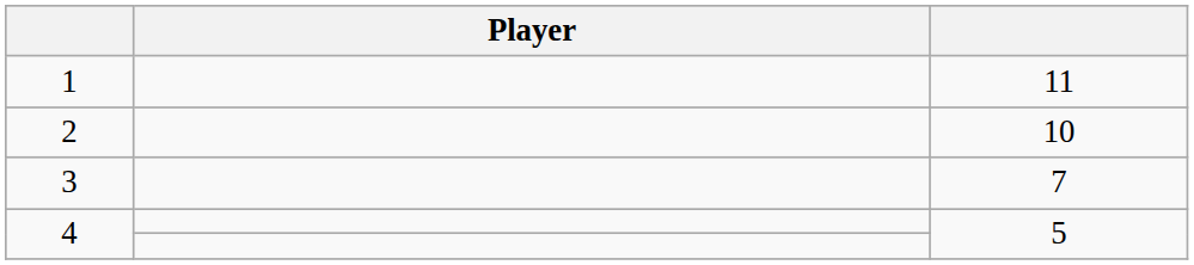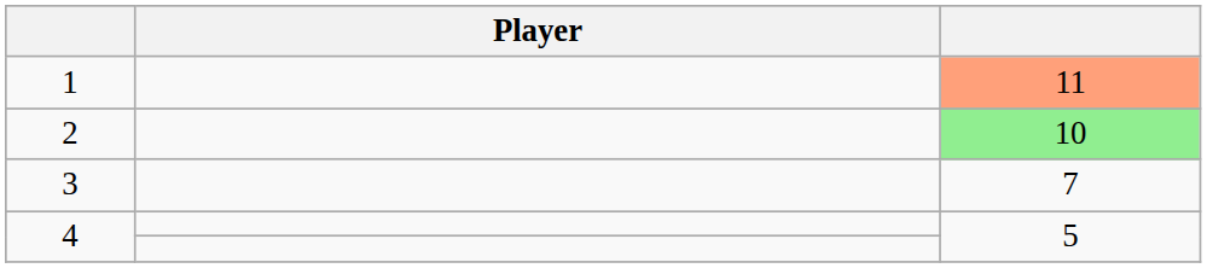 <table class="wikitable sortable plainrowheaders" style="width:95%;">
 <tr>
 <th style="width:2em;"></th>
 <th style="width:15em;">Player</th>
 <th style="width:4.5em;"></th>
 </tr>
 <tr>
 <td align=center>1</td>
 <td align=left> </td>
-<td align=center>11</td>
+<td align=center style="background: lightsalmon;">11</td>
 </tr>
 <tr>
 <td align=center>2</td>
 <td align=left> </td>
-<td align=center>10</td>
+<td align=center style="background: lightgreen;">10</td>
 </tr>
 <tr>
 <td align=center>3</td>
 <td align=left> </td>
 <td align=center>7</td>
 </tr>
 <tr>
 <td align=center rowspan="2">4</td>
 <td align=left> </td>
 <td align=center rowspan="2">5</td>
 </tr>
 <tr>
 <td align=left> </td>
 </tr>
 </table>
